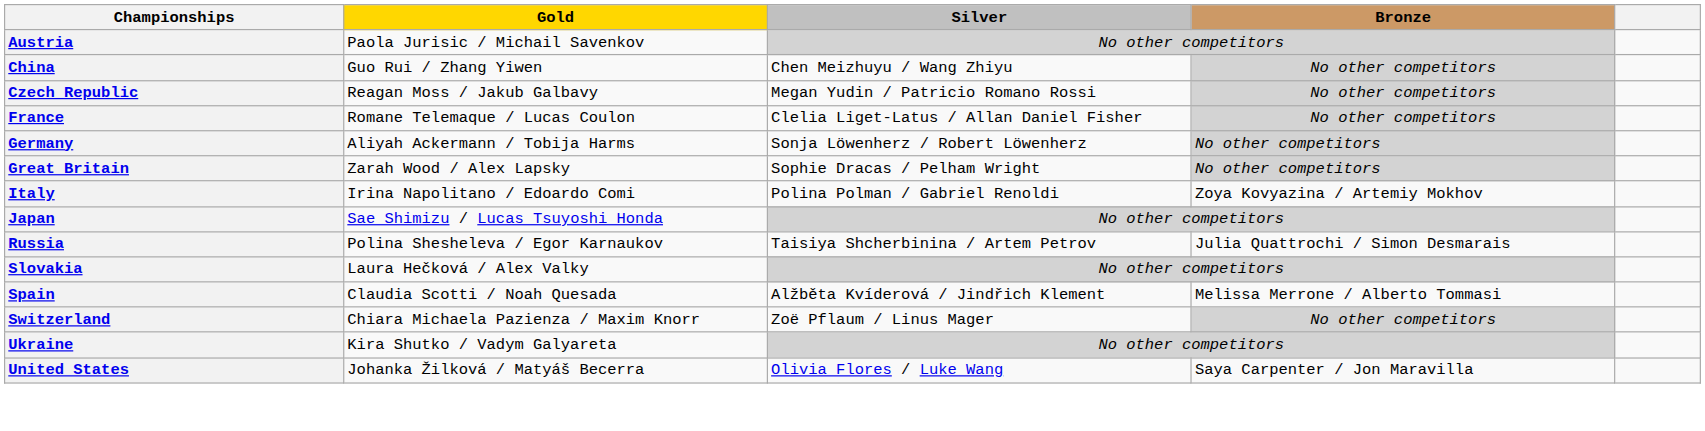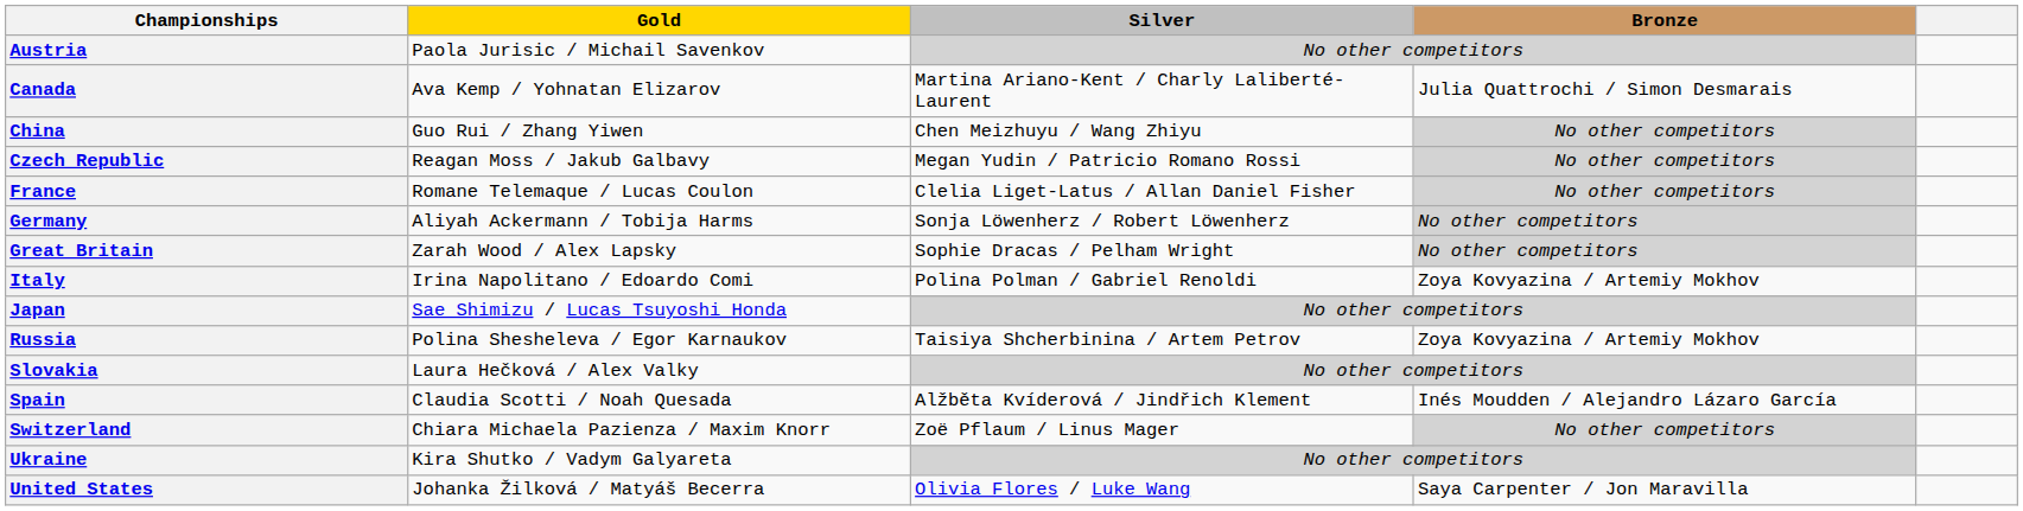 <table class="wikitable unsortable" style="text-align:left; width:90%;">
 <tr>
 <th scope="col" style="text-align:center; width:20%;">Championships</th>
 <td scope="col" style="text-align:center; width:25%; background:gold"><strong>Gold</strong></td>
 <td scope="col" style="text-align:center; width:25%; background:silver"><strong>Silver</strong></td>
 <td scope="col" style="text-align:center; width:25%; background:#c96"><strong>Bronze</strong></td>
 <th scope="col" style="text-align:center; width:5%;"></th>
 </tr>
 <tr>
 <th scope="row" style="text-align:left"> <a href='#'>Austria</a></th>
 <td>Paola Jurisic / Michail Savenkov</td>
 <td align="center" colspan=2 bgcolor="lightgray"><em>No other competitors</em></td>
+<td></td>
+</tr>
+<tr>
+<th scope="row" style="text-align:left"> <a href='#'>Canada</a></th>
+<td>Ava Kemp / Yohnatan Elizarov</td>
+<td>Martina Ariano-Kent / Charly Laliberté-Laurent</td>
+<td>Julia Quattrochi / Simon Desmarais</td>
 <td></td>
 </tr>
 <tr>
 <th scope="row" style="text-align:left"> <a href='#'>China</a></th>
 <td>Guo Rui / Zhang Yiwen</td>
 <td>Chen Meizhuyu / Wang Zhiyu</td>
 <td align="center" bgcolor="lightgray"><em>No other competitors</em></td>
 <td></td>
 </tr>
 <tr>
 <th scope="row" style="text-align:left"> <a href='#'>Czech Republic</a></th>
 <td>Reagan Moss / Jakub Galbavy</td>
 <td>Megan Yudin / Patricio Romano Rossi</td>
 <td align="center" bgcolor="lightgray"><em>No other competitors</em></td>
 <td></td>
 </tr>
 <tr>
 <th scope="row" style="text-align:left"> <a href='#'>France</a></th>
 <td>Romane Telemaque / Lucas Coulon</td>
 <td>Clelia Liget-Latus / Allan Daniel Fisher</td>
 <td align="center" bgcolor="lightgray"><em>No other competitors</em></td>
 <td></td>
 </tr>
 <tr>
 <th scope="row" style="text-align:left"> <a href='#'>Germany</a></th>
 <td>Aliyah Ackermann / Tobija Harms</td>
 <td>Sonja Löwenherz / Robert Löwenherz</td>
 <td bgcolor="lightgray"><em>No other competitors</em></td>
 <td></td>
 </tr>
 <tr>
 <th scope="row" style="text-align:left"> <a href='#'>Great Britain</a></th>
 <td>Zarah Wood / Alex Lapsky</td>
 <td>Sophie Dracas / Pelham Wright</td>
 <td bgcolor="lightgray"><em>No other competitors</em></td>
 <td></td>
 </tr>
 <tr>
 <th scope="row" style="text-align:left"> <a href='#'>Italy</a></th>
 <td>Irina Napolitano / Edoardo Comi</td>
 <td>Polina Polman / Gabriel Renoldi</td>
 <td>Zoya Kovyazina / Artemiy Mokhov</td>
 <td></td>
 </tr>
 <tr>
 <th scope="row" style="text-align:left"> <a href='#'>Japan</a></th>
 <td><a href='#'>Sae Shimizu</a> / <a href='#'>Lucas Tsuyoshi Honda</a></td>
 <td align="center" colspan=2 bgcolor="lightgray"><em>No other competitors</em></td>
 <td></td>
 </tr>
 <tr>
 <th scope="row" style="text-align:left"> <a href='#'>Russia</a></th>
 <td>Polina Shesheleva / Egor Karnaukov</td>
 <td>Taisiya Shcherbinina / Artem Petrov</td>
-<td>Julia Quattrochi / Simon Desmarais</td>
+<td>Zoya Kovyazina / Artemiy Mokhov</td>
 <td></td>
 </tr>
 <tr>
 <th scope="row" style="text-align:left"> <a href='#'>Slovakia</a></th>
 <td>Laura Hečková / Alex Valky</td>
 <td align="center" colspan=2 bgcolor="lightgray"><em>No other competitors</em></td>
 <td></td>
 </tr>
 <tr>
 <th scope="row" style="text-align:left"> <a href='#'>Spain</a></th>
 <td>Claudia Scotti / Noah Quesada</td>
 <td>Alžběta Kvíderová / Jindřich Klement</td>
-<td>Melissa Merrone / Alberto Tommasi</td>
+<td>Inés Moudden / Alejandro Lázaro García</td>
 <td></td>
 </tr>
 <tr>
 <th scope="row" style="text-align:left"> <a href='#'>Switzerland</a></th>
 <td>Chiara Michaela Pazienza / Maxim Knorr</td>
 <td>Zoë Pflaum / Linus Mager</td>
 <td align="center" bgcolor="lightgray"><em>No other competitors</em></td>
 <td></td>
 </tr>
 <tr>
 <th scope="row" style="text-align:left"> <a href='#'>Ukraine</a></th>
 <td>Kira Shutko / Vadym Galyareta</td>
 <td colspan="2" align="center" bgcolor="lightgray"><em>No other competitors</em></td>
 <td></td>
 </tr>
 <tr>
 <th scope="row" style="text-align:left"> <a href='#'>United States</a></th>
 <td>Johanka Žilková / Matyáš Becerra</td>
 <td><a href='#'>Olivia Flores</a> / <a href='#'>Luke Wang</a></td>
 <td>Saya Carpenter / Jon Maravilla</td>
 <td></td>
 </tr>
 </table>
